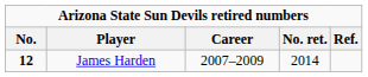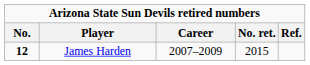 <table class="wikitable sortable" style="text-align:center">
 <tr>
 <td colspan="5"><strong>Arizona State Sun Devils retired numbers</strong></td>
 </tr>
 <tr>
 <th width=40px>No.</th>
 <th width=150px>Player</th>
 <th width=100px>Career</th>
 <th width=px>No. ret.</th>
 <th width=px>Ref.</th>
 </tr>
 <tr>
 <td><strong>12</strong></td>
 <td><a href='#'>James Harden</a> </td>
 <td>2007–2009</td>
-<td>2014</td>
+<td>2015</td>
 <td></td>
 </tr>
 </table>
